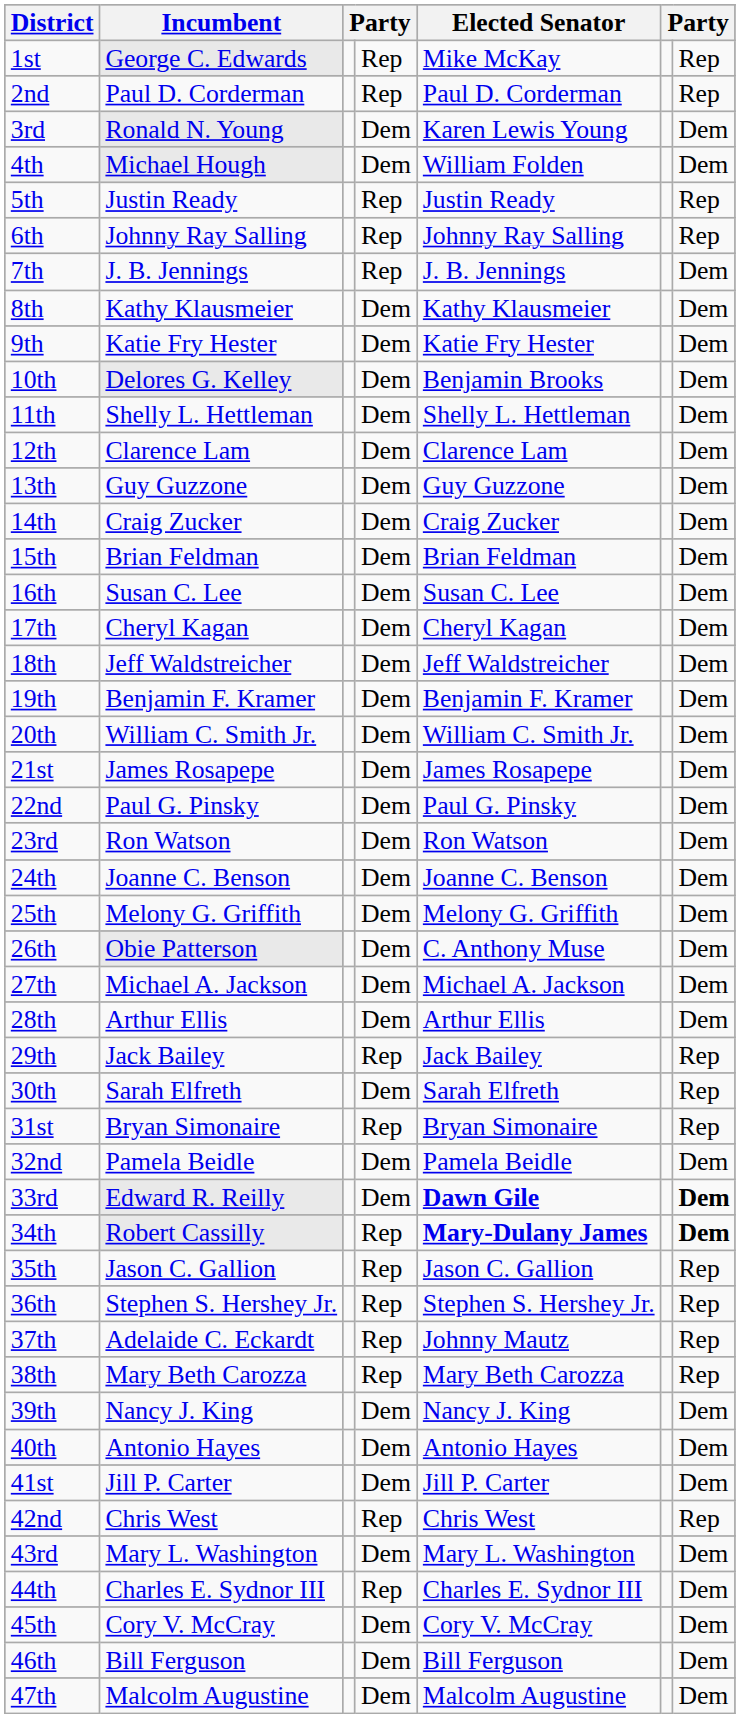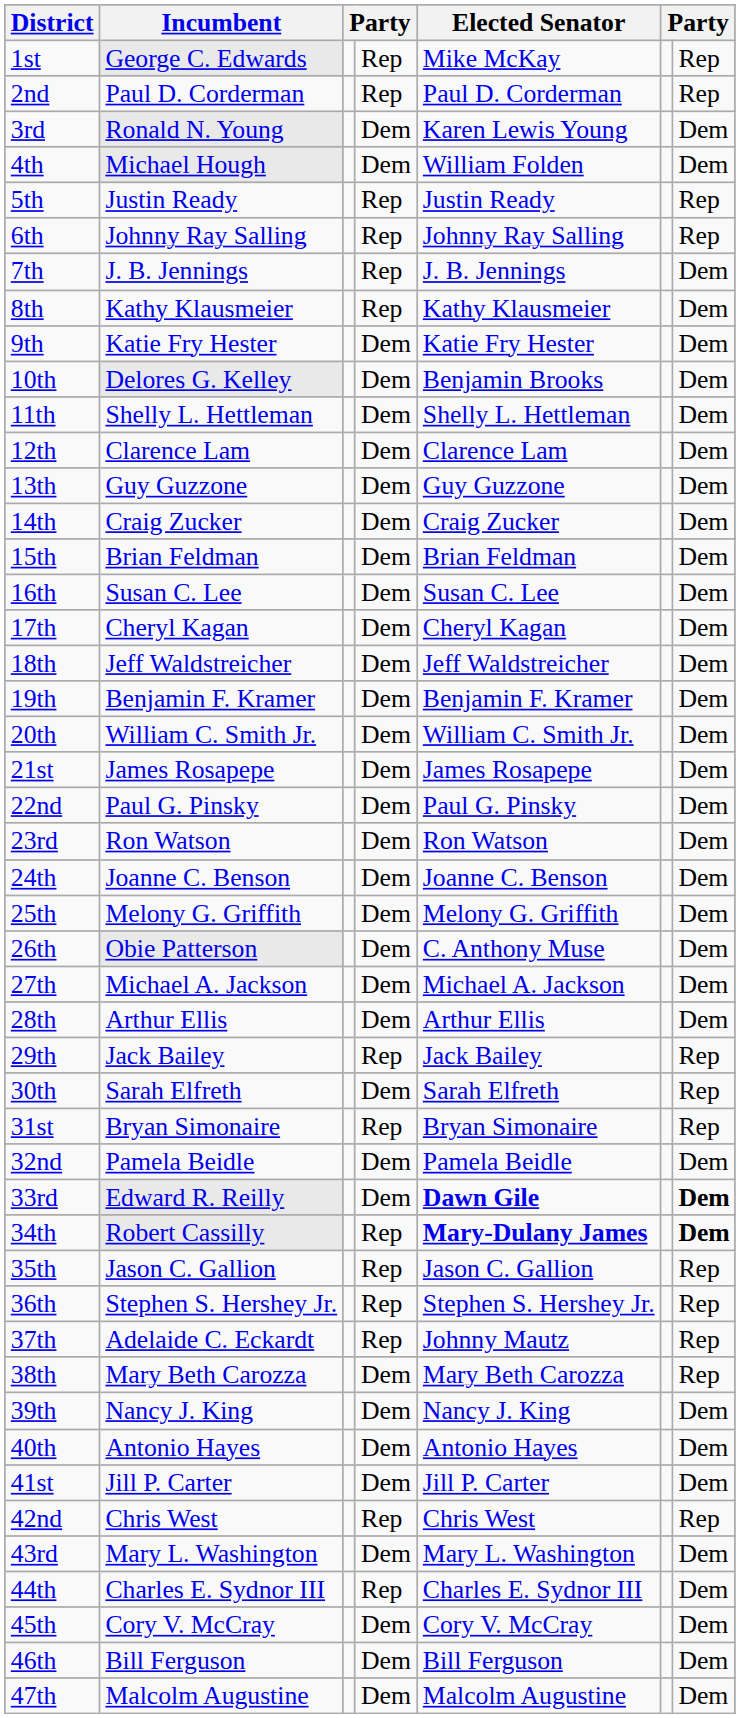 <table class="sortable wikitable" style="font-size:95%;line-height:14px;">
 <tr>
 <th class="unsortable"><a href='#'>District</a></th>
 <th class="unsortable"><a href='#'>Incumbent</a></th>
 <th colspan="2">Party</th>
 <th class="unsortable">Elected Senator</th>
 <th colspan="2">Party</th>
 </tr>
 <tr>
 <td><a href='#'>1st</a></td>
 <td style="background:#E9E9E9;"><a href='#'>George C. Edwards</a></td>
 <td style="background:"></td>
 <td>Rep</td>
 <td><a href='#'>Mike McKay</a></td>
 <td style="background:"></td>
 <td>Rep</td>
 </tr>
 <tr>
 <td><a href='#'>2nd</a></td>
 <td><a href='#'>Paul D. Corderman</a></td>
 <td style="background:"></td>
 <td>Rep</td>
 <td><a href='#'>Paul D. Corderman</a></td>
 <td style="background:"></td>
 <td>Rep</td>
 </tr>
 <tr>
 <td><a href='#'>3rd</a></td>
 <td style="background:#E9E9E9;"><a href='#'>Ronald N. Young</a></td>
 <td style="background:"></td>
 <td>Dem</td>
 <td><a href='#'>Karen Lewis Young</a></td>
 <td style="background:"></td>
 <td>Dem</td>
 </tr>
 <tr>
 <td><a href='#'>4th</a></td>
 <td style="background:#E9E9E9;"><a href='#'>Michael Hough</a></td>
 <td style="background:"></td>
 <td>Dem</td>
 <td><a href='#'>William Folden</a></td>
 <td style="background:"></td>
 <td>Dem</td>
 </tr>
 <tr>
 <td><a href='#'>5th</a></td>
 <td><a href='#'>Justin Ready</a></td>
 <td style="background:"></td>
 <td>Rep</td>
 <td><a href='#'>Justin Ready</a></td>
 <td style="background:"></td>
 <td>Rep</td>
 </tr>
 <tr>
 <td><a href='#'>6th</a></td>
 <td><a href='#'>Johnny Ray Salling</a></td>
 <td style="background:"></td>
 <td>Rep</td>
 <td><a href='#'>Johnny Ray Salling</a></td>
 <td style="background:"></td>
 <td>Rep</td>
 </tr>
 <tr>
 <td><a href='#'>7th</a></td>
 <td><a href='#'>J. B. Jennings</a></td>
 <td style="background:"></td>
 <td>Rep</td>
 <td><a href='#'>J. B. Jennings</a></td>
 <td style="background:"></td>
 <td>Dem</td>
 </tr>
 <tr>
 <td><a href='#'>8th</a></td>
 <td><a href='#'>Kathy Klausmeier</a></td>
 <td style="background:"></td>
-<td>Dem</td>
+<td>Rep</td>
 <td><a href='#'>Kathy Klausmeier</a></td>
 <td style="background:"></td>
 <td>Dem</td>
 </tr>
 <tr>
 <td><a href='#'>9th</a></td>
 <td><a href='#'>Katie Fry Hester</a></td>
 <td style="background:"></td>
 <td>Dem</td>
 <td><a href='#'>Katie Fry Hester</a></td>
 <td style="background:"></td>
 <td>Dem</td>
 </tr>
 <tr>
 <td><a href='#'>10th</a></td>
 <td style="background:#E9E9E9;"><a href='#'>Delores G. Kelley</a></td>
 <td style="background:"></td>
 <td>Dem</td>
 <td><a href='#'>Benjamin Brooks</a></td>
 <td style="background:"></td>
 <td>Dem</td>
 </tr>
 <tr>
 <td><a href='#'>11th</a></td>
 <td><a href='#'>Shelly L. Hettleman</a></td>
 <td style="background:"></td>
 <td>Dem</td>
 <td><a href='#'>Shelly L. Hettleman</a></td>
 <td style="background:"></td>
 <td>Dem</td>
 </tr>
 <tr>
 <td><a href='#'>12th</a></td>
 <td><a href='#'>Clarence Lam</a></td>
 <td style="background:"></td>
 <td>Dem</td>
 <td><a href='#'>Clarence Lam</a></td>
 <td style="background:"></td>
 <td>Dem</td>
 </tr>
 <tr>
 <td><a href='#'>13th</a></td>
 <td><a href='#'>Guy Guzzone</a></td>
 <td style="background:"></td>
 <td>Dem</td>
 <td><a href='#'>Guy Guzzone</a></td>
 <td style="background:"></td>
 <td>Dem</td>
 </tr>
 <tr>
 <td><a href='#'>14th</a></td>
 <td><a href='#'>Craig Zucker</a></td>
 <td style="background:"></td>
 <td>Dem</td>
 <td><a href='#'>Craig Zucker</a></td>
 <td style="background:"></td>
 <td>Dem</td>
 </tr>
 <tr>
 <td><a href='#'>15th</a></td>
 <td><a href='#'>Brian Feldman</a></td>
 <td style="background:"></td>
 <td>Dem</td>
 <td><a href='#'>Brian Feldman</a></td>
 <td style="background:"></td>
 <td>Dem</td>
 </tr>
 <tr>
 <td><a href='#'>16th</a></td>
 <td><a href='#'>Susan C. Lee</a></td>
 <td style="background:"></td>
 <td>Dem</td>
 <td><a href='#'>Susan C. Lee</a></td>
 <td style="background:"></td>
 <td>Dem</td>
 </tr>
 <tr>
 <td><a href='#'>17th</a></td>
 <td><a href='#'>Cheryl Kagan</a></td>
 <td style="background:"></td>
 <td>Dem</td>
 <td><a href='#'>Cheryl Kagan</a></td>
 <td style="background:"></td>
 <td>Dem</td>
 </tr>
 <tr>
 <td><a href='#'>18th</a></td>
 <td><a href='#'>Jeff Waldstreicher</a></td>
 <td style="background:"></td>
 <td>Dem</td>
 <td><a href='#'>Jeff Waldstreicher</a></td>
 <td style="background:"></td>
 <td>Dem</td>
 </tr>
 <tr>
 <td><a href='#'>19th</a></td>
 <td><a href='#'>Benjamin F. Kramer</a></td>
 <td style="background:"></td>
 <td>Dem</td>
 <td><a href='#'>Benjamin F. Kramer</a></td>
 <td style="background:"></td>
 <td>Dem</td>
 </tr>
 <tr>
 <td><a href='#'>20th</a></td>
 <td><a href='#'>William C. Smith Jr.</a></td>
 <td style="background:"></td>
 <td>Dem</td>
 <td><a href='#'>William C. Smith Jr.</a></td>
 <td style="background:"></td>
 <td>Dem</td>
 </tr>
 <tr>
 <td><a href='#'>21st</a></td>
 <td><a href='#'>James Rosapepe</a></td>
 <td style="background:"></td>
 <td>Dem</td>
 <td><a href='#'>James Rosapepe</a></td>
 <td style="background:"></td>
 <td>Dem</td>
 </tr>
 <tr>
 <td><a href='#'>22nd</a></td>
 <td><a href='#'>Paul G. Pinsky</a></td>
 <td style="background:"></td>
 <td>Dem</td>
 <td><a href='#'>Paul G. Pinsky</a></td>
 <td style="background:"></td>
 <td>Dem</td>
 </tr>
 <tr>
 <td><a href='#'>23rd</a></td>
 <td><a href='#'>Ron Watson</a></td>
 <td style="background:"></td>
 <td>Dem</td>
 <td><a href='#'>Ron Watson</a></td>
 <td style="background:"></td>
 <td>Dem</td>
 </tr>
 <tr>
 <td><a href='#'>24th</a></td>
 <td><a href='#'>Joanne C. Benson</a></td>
 <td style="background:"></td>
 <td>Dem</td>
 <td><a href='#'>Joanne C. Benson</a></td>
 <td style="background:"></td>
 <td>Dem</td>
 </tr>
 <tr>
 <td><a href='#'>25th</a></td>
 <td><a href='#'>Melony G. Griffith</a></td>
 <td style="background:"></td>
 <td>Dem</td>
 <td><a href='#'>Melony G. Griffith</a></td>
 <td style="background:"></td>
 <td>Dem</td>
 </tr>
 <tr>
 <td><a href='#'>26th</a></td>
 <td style="background:#E9E9E9;"><a href='#'>Obie Patterson</a></td>
 <td style="background:"></td>
 <td>Dem</td>
 <td><a href='#'>C. Anthony Muse</a></td>
 <td style="background:"></td>
 <td>Dem</td>
 </tr>
 <tr>
 <td><a href='#'>27th</a></td>
 <td><a href='#'>Michael A. Jackson</a></td>
 <td style="background:"></td>
 <td>Dem</td>
 <td><a href='#'>Michael A. Jackson</a></td>
 <td style="background:"></td>
 <td>Dem</td>
 </tr>
 <tr>
 <td><a href='#'>28th</a></td>
 <td><a href='#'>Arthur Ellis</a></td>
 <td style="background:"></td>
 <td>Dem</td>
 <td><a href='#'>Arthur Ellis</a></td>
 <td style="background:"></td>
 <td>Dem</td>
 </tr>
 <tr>
 <td><a href='#'>29th</a></td>
 <td><a href='#'>Jack Bailey</a></td>
 <td style="background:"></td>
 <td>Rep</td>
 <td><a href='#'>Jack Bailey</a></td>
 <td style="background:"></td>
 <td>Rep</td>
 </tr>
 <tr>
 <td><a href='#'>30th</a></td>
 <td><a href='#'>Sarah Elfreth</a></td>
 <td style="background:"></td>
 <td>Dem</td>
 <td><a href='#'>Sarah Elfreth</a></td>
 <td style="background:"></td>
 <td>Rep</td>
 </tr>
 <tr>
 <td><a href='#'>31st</a></td>
 <td><a href='#'>Bryan Simonaire</a></td>
 <td style="background:"></td>
 <td>Rep</td>
 <td><a href='#'>Bryan Simonaire</a></td>
 <td style="background:"></td>
 <td>Rep</td>
 </tr>
 <tr>
 <td><a href='#'>32nd</a></td>
 <td><a href='#'>Pamela Beidle</a></td>
 <td style="background:"></td>
 <td>Dem</td>
 <td><a href='#'>Pamela Beidle</a></td>
 <td style="background:"></td>
 <td>Dem</td>
 </tr>
 <tr>
 <td><a href='#'>33rd</a></td>
 <td style="background:#E9E9E9;"><a href='#'>Edward R. Reilly</a></td>
 <td style="background:"></td>
 <td>Dem</td>
 <td><strong><a href='#'>Dawn Gile</a></strong></td>
 <td style="background:"></td>
 <td><strong>Dem</strong></td>
 </tr>
 <tr>
 <td><a href='#'>34th</a></td>
 <td style="background:#E9E9E9;"><a href='#'>Robert Cassilly</a></td>
 <td style="background:"></td>
 <td>Rep</td>
 <td><strong><a href='#'>Mary-Dulany James</a></strong></td>
 <td style="background:"></td>
 <td><strong>Dem</strong></td>
 </tr>
 <tr>
 <td><a href='#'>35th</a></td>
 <td><a href='#'>Jason C. Gallion</a></td>
 <td style="background:"></td>
 <td>Rep</td>
 <td><a href='#'>Jason C. Gallion</a></td>
 <td style="background:"></td>
 <td>Rep</td>
 </tr>
 <tr>
 <td><a href='#'>36th</a></td>
 <td><a href='#'>Stephen S. Hershey Jr.</a></td>
 <td style="background:"></td>
 <td>Rep</td>
 <td><a href='#'>Stephen S. Hershey Jr.</a></td>
 <td style="background:"></td>
 <td>Rep</td>
 </tr>
 <tr>
 <td><a href='#'>37th</a></td>
 <td><a href='#'>Adelaide C. Eckardt</a></td>
 <td style="background:"></td>
 <td>Rep</td>
 <td><a href='#'>Johnny Mautz</a></td>
 <td style="background:"></td>
 <td>Rep</td>
 </tr>
 <tr>
 <td><a href='#'>38th</a></td>
 <td><a href='#'>Mary Beth Carozza</a></td>
 <td style="background:"></td>
-<td>Rep</td>
+<td>Dem</td>
 <td><a href='#'>Mary Beth Carozza</a></td>
 <td style="background:"></td>
 <td>Rep</td>
 </tr>
 <tr>
 <td><a href='#'>39th</a></td>
 <td><a href='#'>Nancy J. King</a></td>
 <td style="background:"></td>
 <td>Dem</td>
 <td><a href='#'>Nancy J. King</a></td>
 <td style="background:"></td>
 <td>Dem</td>
 </tr>
 <tr>
 <td><a href='#'>40th</a></td>
 <td><a href='#'>Antonio Hayes</a></td>
 <td style="background:"></td>
 <td>Dem</td>
 <td><a href='#'>Antonio Hayes</a></td>
 <td style="background:"></td>
 <td>Dem</td>
 </tr>
 <tr>
 <td><a href='#'>41st</a></td>
 <td><a href='#'>Jill P. Carter</a></td>
 <td style="background:"></td>
 <td>Dem</td>
 <td><a href='#'>Jill P. Carter</a></td>
 <td style="background:"></td>
 <td>Dem</td>
 </tr>
 <tr>
 <td><a href='#'>42nd</a></td>
 <td><a href='#'>Chris West</a></td>
 <td style="background:"></td>
 <td>Rep</td>
 <td><a href='#'>Chris West</a></td>
 <td style="background:"></td>
 <td>Rep</td>
 </tr>
 <tr>
 <td><a href='#'>43rd</a></td>
 <td><a href='#'>Mary L. Washington</a></td>
 <td style="background:"></td>
 <td>Dem</td>
 <td><a href='#'>Mary L. Washington</a></td>
 <td style="background:"></td>
 <td>Dem</td>
 </tr>
 <tr>
 <td><a href='#'>44th</a></td>
 <td><a href='#'>Charles E. Sydnor III</a></td>
 <td style="background:"></td>
 <td>Rep</td>
 <td><a href='#'>Charles E. Sydnor III</a></td>
 <td style="background:"></td>
 <td>Dem</td>
 </tr>
 <tr>
 <td><a href='#'>45th</a></td>
 <td><a href='#'>Cory V. McCray</a></td>
 <td style="background:"></td>
 <td>Dem</td>
 <td><a href='#'>Cory V. McCray</a></td>
 <td style="background:"></td>
 <td>Dem</td>
 </tr>
 <tr>
 <td><a href='#'>46th</a></td>
 <td><a href='#'>Bill Ferguson</a></td>
 <td style="background:"></td>
 <td>Dem</td>
 <td><a href='#'>Bill Ferguson</a></td>
 <td style="background:"></td>
 <td>Dem</td>
 </tr>
 <tr>
 <td><a href='#'>47th</a></td>
 <td><a href='#'>Malcolm Augustine</a></td>
 <td style="background:"></td>
 <td>Dem</td>
 <td><a href='#'>Malcolm Augustine</a></td>
 <td style="background:"></td>
 <td>Dem</td>
 </tr>
 </table>
